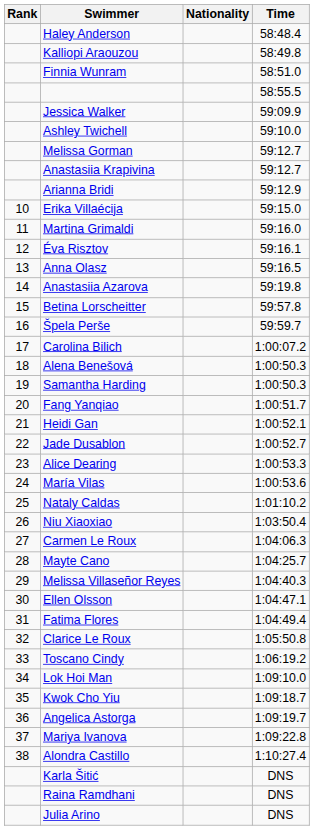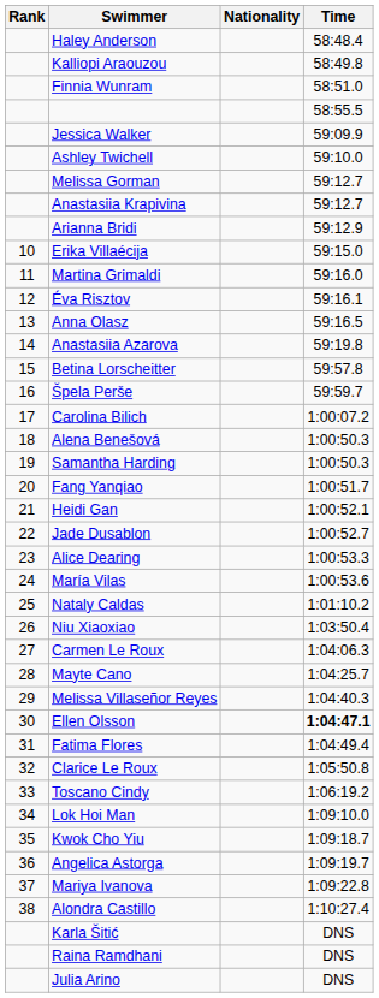 <table class="wikitable sortable" border="1" style="text-align:center">
 <tr>
 <th>Rank</th>
 <th>Swimmer</th>
 <th>Nationality</th>
 <th>Time</th>
 </tr>
 <tr>
 <td></td>
 <td align=left><a href='#'>Haley Anderson</a></td>
 <td align=left></td>
 <td>58:48.4</td>
 </tr>
 <tr>
 <td></td>
 <td align=left><a href='#'>Kalliopi Araouzou</a></td>
 <td align=left></td>
 <td>58:49.8</td>
 </tr>
 <tr>
 <td></td>
 <td align=left><a href='#'>Finnia Wunram</a></td>
 <td align=left></td>
 <td>58:51.0</td>
 </tr>
 <tr>
 <td></td>
 <td align=left></td>
 <td align=left></td>
 <td>58:55.5</td>
 </tr>
 <tr>
 <td></td>
 <td align=left><a href='#'>Jessica Walker</a></td>
 <td align=left></td>
 <td>59:09.9</td>
 </tr>
 <tr>
 <td></td>
 <td align=left><a href='#'>Ashley Twichell</a></td>
 <td align=left></td>
 <td>59:10.0</td>
 </tr>
 <tr>
 <td></td>
 <td align=left><a href='#'>Melissa Gorman</a></td>
 <td align=left></td>
 <td>59:12.7</td>
 </tr>
 <tr>
 <td></td>
 <td align=left><a href='#'>Anastasiia Krapivina</a></td>
 <td align=left></td>
 <td>59:12.7</td>
 </tr>
 <tr>
 <td></td>
 <td align=left><a href='#'>Arianna Bridi</a></td>
 <td align=left></td>
 <td>59:12.9</td>
 </tr>
 <tr>
 <td>10</td>
 <td align=left><a href='#'>Erika Villaécija</a></td>
 <td align=left></td>
 <td>59:15.0</td>
 </tr>
 <tr>
 <td>11</td>
 <td align=left><a href='#'>Martina Grimaldi</a></td>
 <td align=left></td>
 <td>59:16.0</td>
 </tr>
 <tr>
 <td>12</td>
 <td align=left><a href='#'>Éva Risztov</a></td>
 <td align=left></td>
 <td>59:16.1</td>
 </tr>
 <tr>
 <td>13</td>
 <td align=left><a href='#'>Anna Olasz</a></td>
 <td align=left></td>
 <td>59:16.5</td>
 </tr>
 <tr>
 <td>14</td>
 <td align=left><a href='#'>Anastasiia Azarova</a></td>
 <td align=left></td>
 <td>59:19.8</td>
 </tr>
 <tr>
 <td>15</td>
 <td align=left><a href='#'>Betina Lorscheitter</a></td>
 <td align=left></td>
 <td>59:57.8</td>
 </tr>
 <tr>
 <td>16</td>
 <td align=left><a href='#'>Špela Perše</a></td>
 <td align=left></td>
 <td>59:59.7</td>
 </tr>
 <tr>
 <td>17</td>
 <td align=left><a href='#'>Carolina Bilich</a></td>
 <td align=left></td>
 <td>1:00:07.2</td>
 </tr>
 <tr>
 <td>18</td>
 <td align=left><a href='#'>Alena Benešová</a></td>
 <td align=left></td>
 <td>1:00:50.3</td>
 </tr>
 <tr>
 <td>19</td>
 <td align=left><a href='#'>Samantha Harding</a></td>
 <td align=left></td>
 <td>1:00:50.3</td>
 </tr>
 <tr>
 <td>20</td>
 <td align=left><a href='#'>Fang Yanqiao</a></td>
 <td align=left></td>
 <td>1:00:51.7</td>
 </tr>
 <tr>
 <td>21</td>
 <td align=left><a href='#'>Heidi Gan</a></td>
 <td align=left></td>
 <td>1:00:52.1</td>
 </tr>
 <tr>
 <td>22</td>
 <td align=left><a href='#'>Jade Dusablon</a></td>
 <td align=left></td>
 <td>1:00:52.7</td>
 </tr>
 <tr>
 <td>23</td>
 <td align=left><a href='#'>Alice Dearing</a></td>
 <td align=left></td>
 <td>1:00:53.3</td>
 </tr>
 <tr>
 <td>24</td>
 <td align=left><a href='#'>María Vilas</a></td>
 <td align=left></td>
 <td>1:00:53.6</td>
 </tr>
 <tr>
 <td>25</td>
 <td align=left><a href='#'>Nataly Caldas</a></td>
 <td align=left></td>
 <td>1:01:10.2</td>
 </tr>
 <tr>
 <td>26</td>
 <td align=left><a href='#'>Niu Xiaoxiao</a></td>
 <td align=left></td>
 <td>1:03:50.4</td>
 </tr>
 <tr>
 <td>27</td>
 <td align=left><a href='#'>Carmen Le Roux</a></td>
 <td align=left></td>
 <td>1:04:06.3</td>
 </tr>
 <tr>
 <td>28</td>
 <td align=left><a href='#'>Mayte Cano</a></td>
 <td align=left></td>
 <td>1:04:25.7</td>
 </tr>
 <tr>
 <td>29</td>
 <td align=left><a href='#'>Melissa Villaseñor Reyes</a></td>
 <td align=left></td>
 <td>1:04:40.3</td>
 </tr>
 <tr>
 <td>30</td>
 <td align=left><a href='#'>Ellen Olsson</a></td>
 <td align=left></td>
-<td>1:04:47.1</td>
+<td><strong>1:04:47.1</strong></td>
 </tr>
 <tr>
 <td>31</td>
 <td align=left><a href='#'>Fatima Flores</a></td>
 <td align=left></td>
 <td>1:04:49.4</td>
 </tr>
 <tr>
 <td>32</td>
 <td align=left><a href='#'>Clarice Le Roux</a></td>
 <td align=left></td>
 <td>1:05:50.8</td>
 </tr>
 <tr>
 <td>33</td>
 <td align=left><a href='#'>Toscano Cindy</a></td>
 <td align=left></td>
 <td>1:06:19.2</td>
 </tr>
 <tr>
 <td>34</td>
 <td align=left><a href='#'>Lok Hoi Man</a></td>
 <td align=left></td>
 <td>1:09:10.0</td>
 </tr>
 <tr>
 <td>35</td>
 <td align=left><a href='#'>Kwok Cho Yiu</a></td>
 <td align=left></td>
 <td>1:09:18.7</td>
 </tr>
 <tr>
 <td>36</td>
 <td align=left><a href='#'>Angelica Astorga</a></td>
 <td align=left></td>
 <td>1:09:19.7</td>
 </tr>
 <tr>
 <td>37</td>
 <td align=left><a href='#'>Mariya Ivanova</a></td>
 <td align=left></td>
 <td>1:09:22.8</td>
 </tr>
 <tr>
 <td>38</td>
 <td align=left><a href='#'>Alondra Castillo</a></td>
 <td align=left></td>
 <td>1:10:27.4</td>
 </tr>
 <tr>
 <td></td>
 <td align=left><a href='#'>Karla Šitić</a></td>
 <td align=left></td>
 <td>DNS</td>
 </tr>
 <tr>
 <td></td>
 <td align=left><a href='#'>Raina Ramdhani</a></td>
 <td align=left></td>
 <td>DNS</td>
 </tr>
 <tr>
 <td></td>
 <td align=left><a href='#'>Julia Arino</a></td>
 <td align=left></td>
 <td>DNS</td>
 </tr>
 </table>
